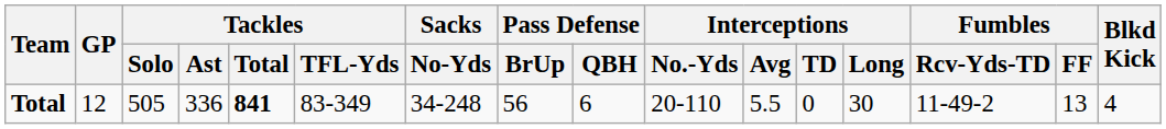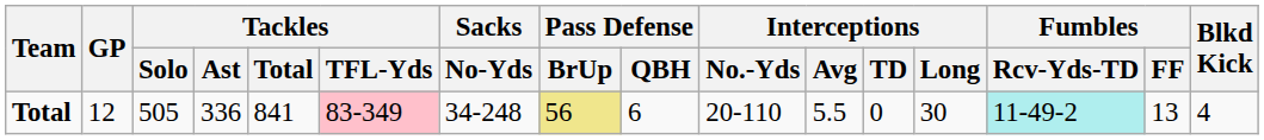 <table class="wikitable" style="white-space:nowrap;">
 <tr>
 <th rowspan="2">Team</th>
 <th rowspan="2">GP</th>
 <th colspan="4">Tackles</th>
 <th>Sacks</th>
 <th colspan="2">Pass Defense</th>
 <th colspan="4">Interceptions</th>
 <th colspan="2">Fumbles</th>
 <th rowspan="2">Blkd<br>Kick</th>
 </tr>
 <tr>
 <th>Solo</th>
 <th>Ast</th>
 <th>Total</th>
 <th>TFL-Yds</th>
 <th>No-Yds</th>
 <th>BrUp</th>
 <th>QBH</th>
 <th>No.-Yds</th>
 <th>Avg</th>
 <th>TD</th>
 <th>Long</th>
 <th>Rcv-Yds-TD</th>
 <th>FF</th>
 </tr>
 <tr>
 <td><strong>Total</strong></td>
 <td>12</td>
 <td>505</td>
 <td>336</td>
-<td><strong>841</strong></td>
-<td>83-349</td>
+<td>841</td>
+<td style="background: pink;">83-349</td>
 <td>34-248</td>
-<td>56</td>
+<td style="background: khaki;">56</td>
 <td>6</td>
 <td>20-110</td>
 <td>5.5</td>
 <td>0</td>
 <td>30</td>
-<td>11-49-2</td>
+<td style="background: paleturquoise;">11-49-2</td>
 <td>13</td>
 <td>4</td>
 </tr>
 </table>
